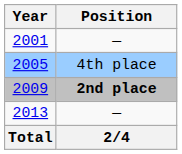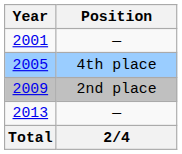 <table class="wikitable" style="text-align: center;">
 <tr>
 <th>Year</th>
 <th width="100">Position</th>
 </tr>
 <tr>
 <td> <a href='#'>2001</a></td>
 <td>—</td>
 </tr>
 <tr bgcolor=#9acdff>
 <td> <a href='#'>2005</a></td>
 <td>4th place</td>
 </tr>
 <tr bgcolor=silver>
 <td> <a href='#'>2009</a></td>
-<td><strong>2nd place</strong></td>
+<td>2nd place</td>
 </tr>
 <tr>
 <td> <a href='#'>2013</a></td>
 <td>—</td>
 </tr>
 <tr>
 <th>Total</th>
 <th>2/4</th>
 </tr>
 </table>
